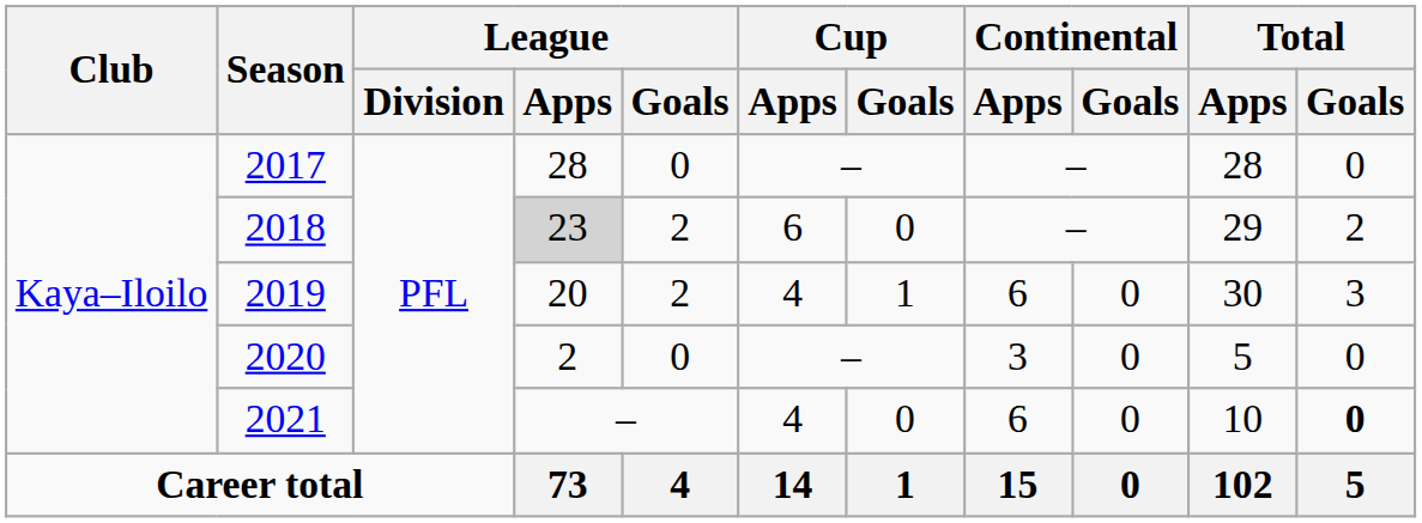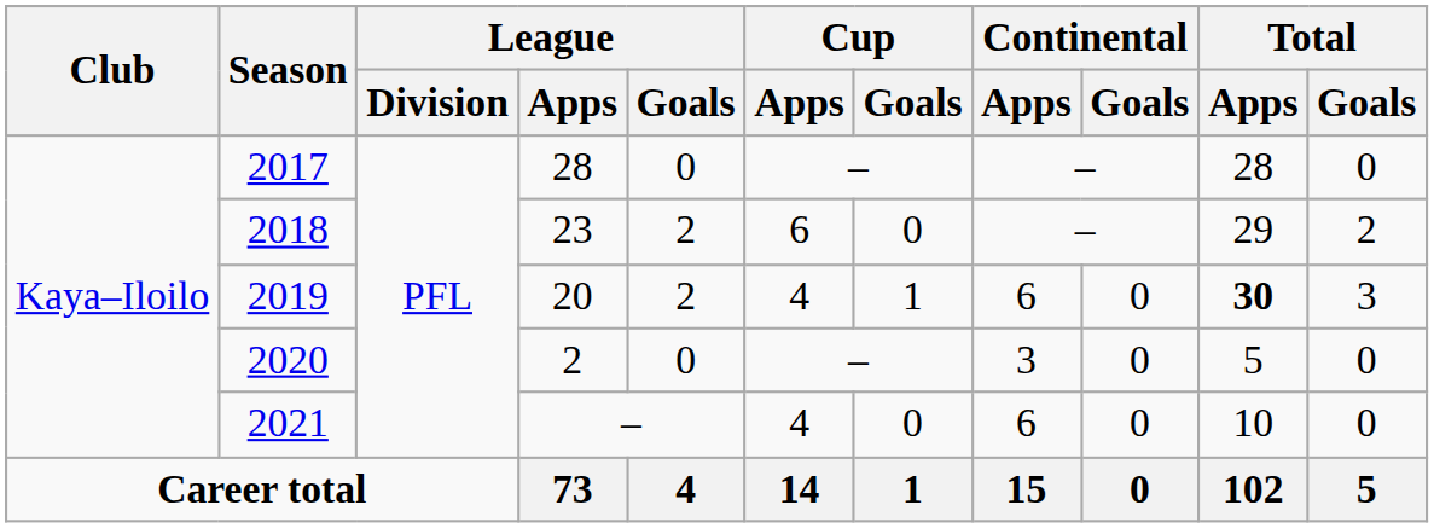 <table class="wikitable" style="text-align: center">
 <tr>
 <th rowspan="2">Club</th>
 <th rowspan="2">Season</th>
 <th colspan="3">League</th>
 <th colspan="2">Cup</th>
 <th colspan="2">Continental</th>
 <th colspan="2">Total</th>
 </tr>
 <tr>
 <th>Division</th>
 <th>Apps</th>
 <th>Goals</th>
 <th>Apps</th>
 <th>Goals</th>
 <th>Apps</th>
 <th>Goals</th>
 <th>Apps</th>
 <th>Goals</th>
 </tr>
 <tr>
 <td rowspan="5"><a href='#'>Kaya–Iloilo</a></td>
 <td><a href='#'>2017</a></td>
 <td rowspan="5"><a href='#'>PFL</a></td>
 <td>28</td>
 <td>0</td>
 <td colspan="2">–</td>
 <td colspan="2">–</td>
 <td>28</td>
 <td>0</td>
 </tr>
 <tr>
 <td><a href='#'>2018</a></td>
-<td style="background: lightgrey;">23</td>
+<td>23</td>
 <td>2</td>
 <td>6</td>
 <td>0</td>
 <td colspan="2">–</td>
 <td>29</td>
 <td>2</td>
 </tr>
 <tr>
 <td><a href='#'>2019</a></td>
 <td>20</td>
 <td>2</td>
 <td>4</td>
 <td>1</td>
 <td>6</td>
 <td>0</td>
-<td>30</td>
+<td><strong>30</strong></td>
 <td>3</td>
 </tr>
 <tr>
 <td><a href='#'>2020</a></td>
 <td>2</td>
 <td>0</td>
 <td colspan="2">–</td>
 <td>3</td>
 <td>0</td>
 <td>5</td>
 <td>0</td>
 </tr>
 <tr>
 <td><a href='#'>2021</a></td>
 <td colspan="2">–</td>
 <td>4</td>
 <td>0</td>
 <td>6</td>
 <td>0</td>
 <td>10</td>
-<td><strong>0</strong></td>
+<td>0</td>
 </tr>
 <tr>
 <td colspan="3"><strong>Career total</strong></td>
 <th>73</th>
 <th>4</th>
 <th>14</th>
 <th>1</th>
 <th>15</th>
 <th>0</th>
 <th>102</th>
 <th>5</th>
 </tr>
 </table>
